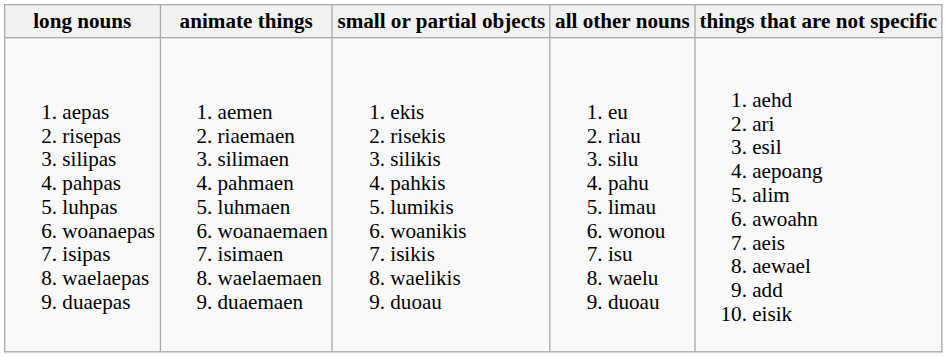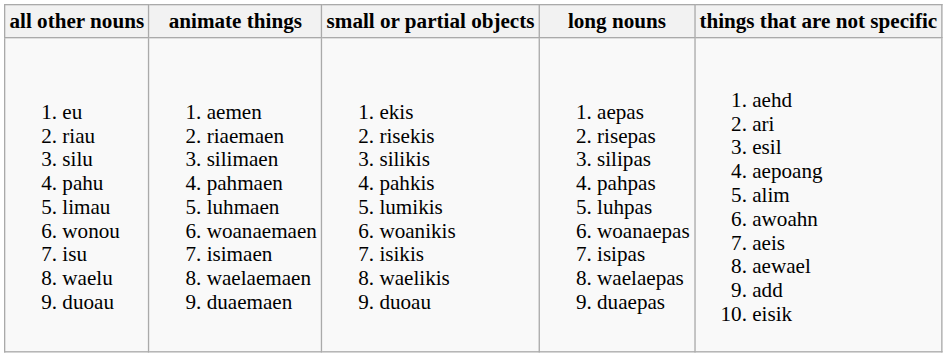 <table class="wikitable">
 <tr>
-<th>long nouns<br></th>
+<th>all other nouns<br></th>
 <th>animate things<br></th>
 <th>small or partial objects</th>
-<th>all other nouns<br></th>
+<th>long nouns<br></th>
 <th>things that are not specific</th>
 </tr>
 <tr>
-<td><br><ol><li>aepas</li><li>risepas</li><li>silipas</li><li>pahpas</li><li>luhpas</li><li>woanaepas</li><li>isipas</li><li>waelaepas</li><li>duaepas</li></ol></td>
+<td><br><ol><li>eu</li><li>riau</li><li>silu</li><li>pahu</li><li>limau</li><li>wonou</li><li>isu</li><li>waelu</li><li>duoau</li></ol></td>
 <td><br><ol><li>aemen</li><li>riaemaen</li><li>silimaen</li><li>pahmaen</li><li>luhmaen</li><li>woanaemaen</li><li>isimaen</li><li>waelaemaen</li><li>duaemaen</li></ol></td>
 <td><br><ol><li>ekis</li><li>risekis</li><li>silikis</li><li>pahkis</li><li>lumikis</li><li>woanikis</li><li>isikis</li><li>waelikis</li><li>duoau</li></ol></td>
-<td><br><ol><li>eu</li><li>riau</li><li>silu</li><li>pahu</li><li>limau</li><li>wonou</li><li>isu</li><li>waelu</li><li>duoau</li></ol></td>
+<td><br><ol><li>aepas</li><li>risepas</li><li>silipas</li><li>pahpas</li><li>luhpas</li><li>woanaepas</li><li>isipas</li><li>waelaepas</li><li>duaepas</li></ol></td>
 <td><br><ol><li>aehd</li><li>ari</li><li>esil</li><li>aepoang</li><li>alim</li><li>awoahn</li><li>aeis</li><li>aewael</li><li>add</li><li>eisik</li></ol></td>
 </tr>
 </table>
